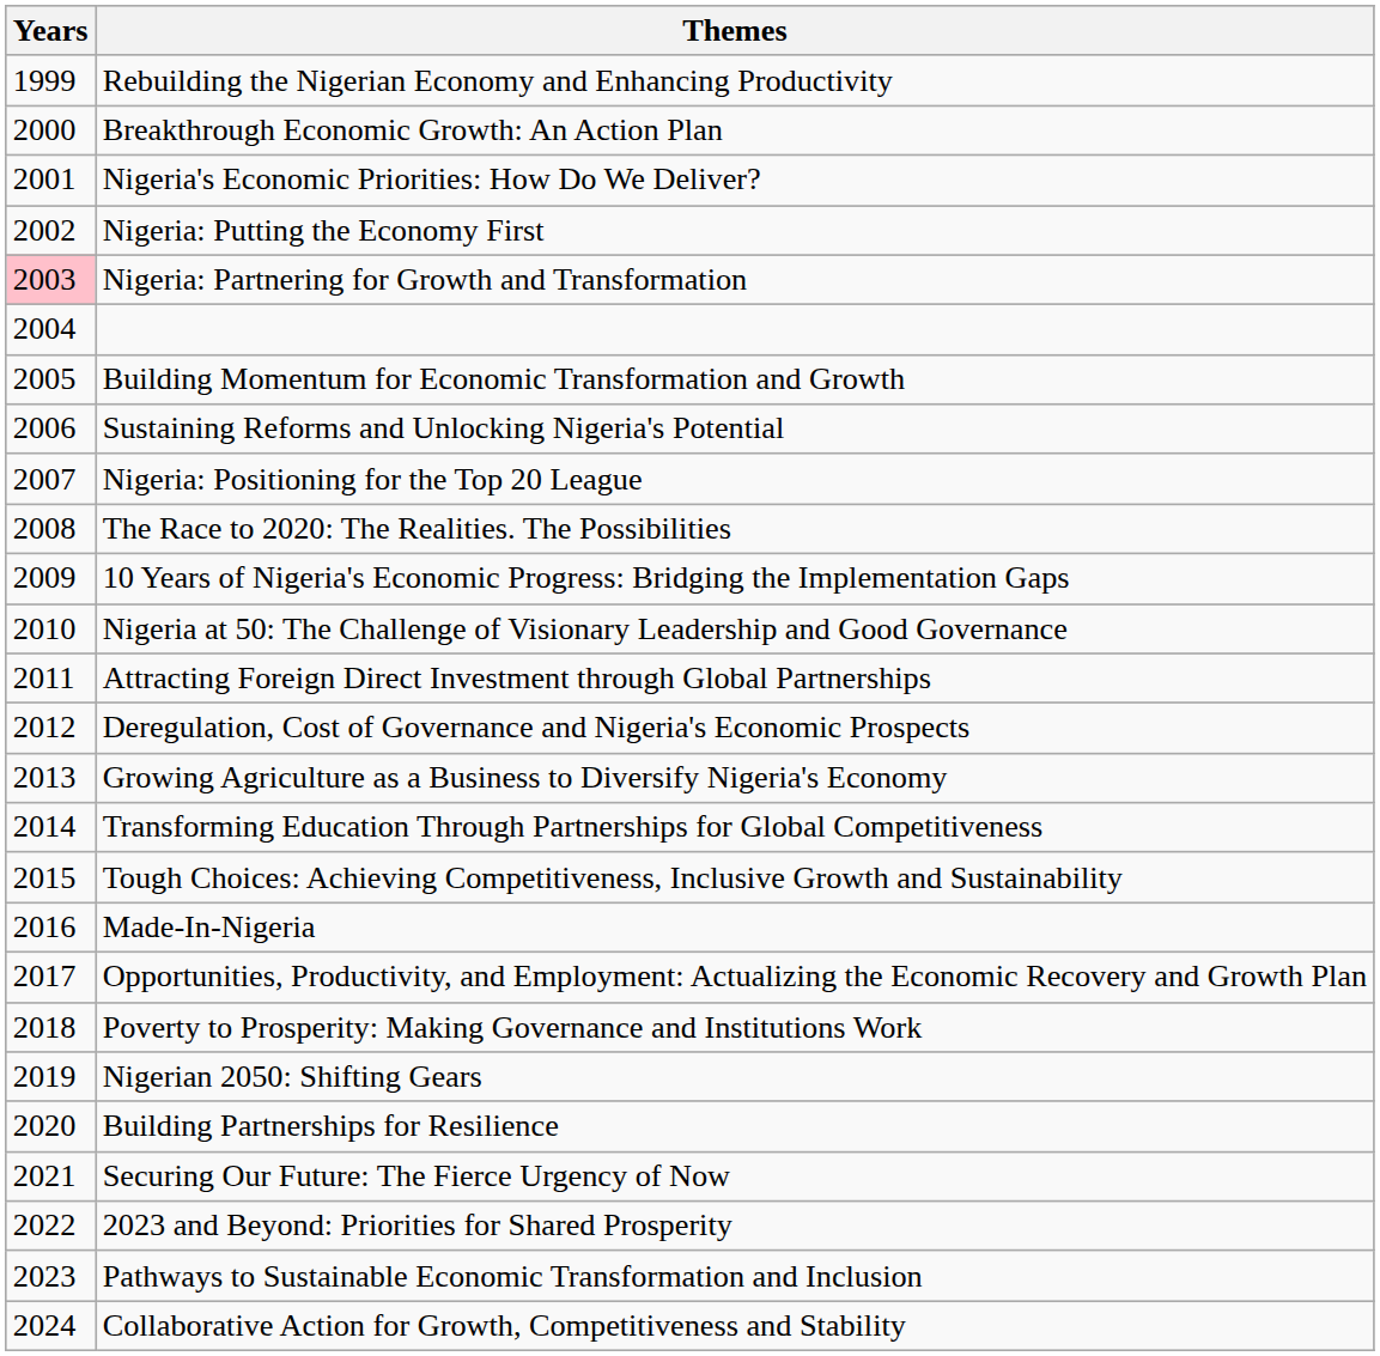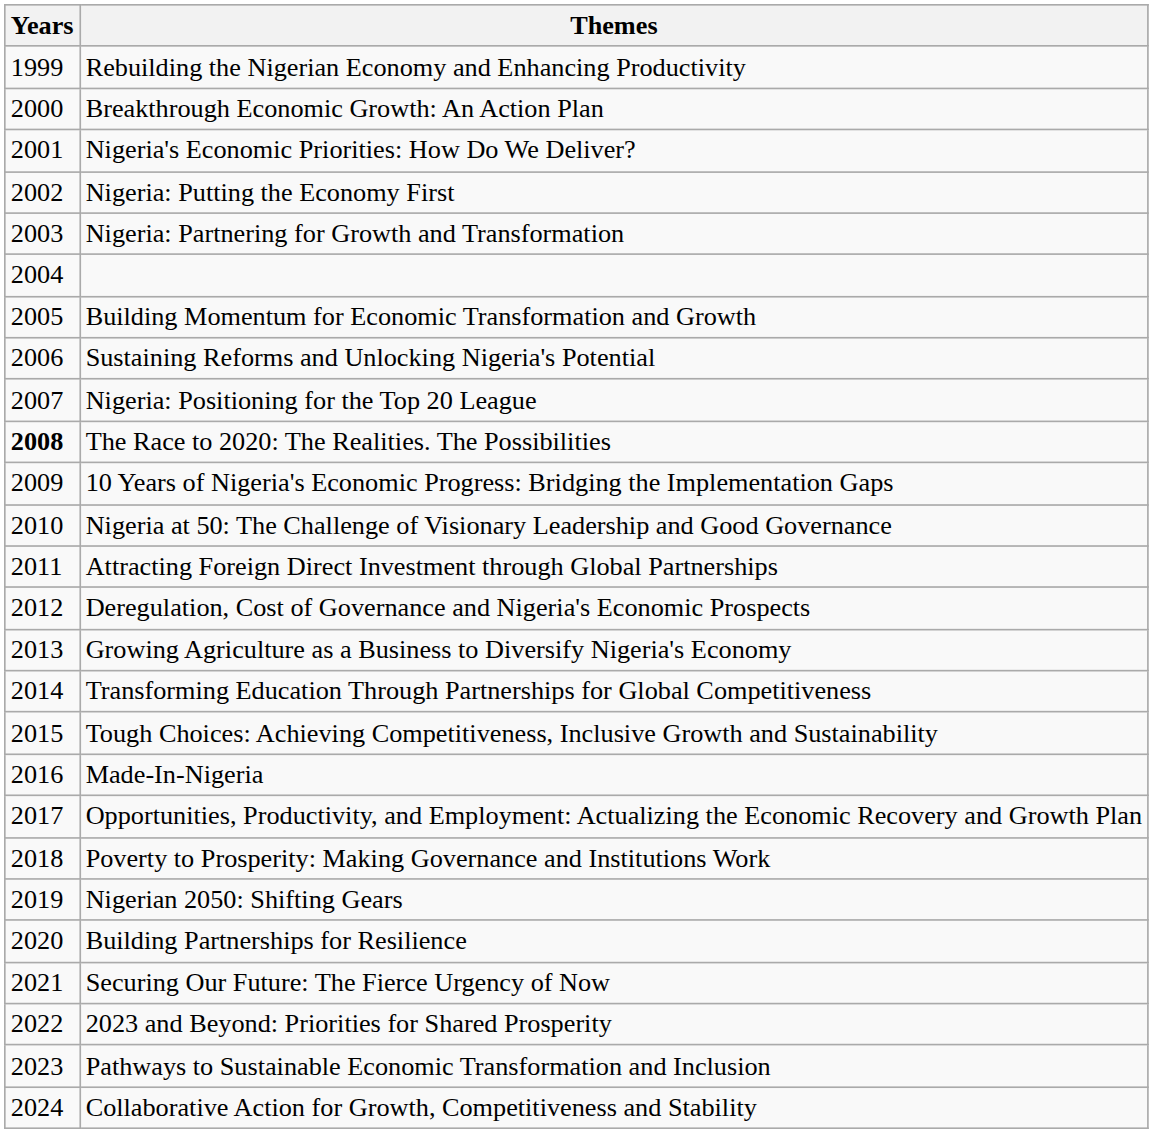 <table class="wikitable">
 <tr>
 <th>Years</th>
 <th>Themes</th>
 </tr>
 <tr>
 <td>1999</td>
 <td>Rebuilding the Nigerian Economy and Enhancing Productivity</td>
 </tr>
 <tr>
 <td>2000</td>
 <td>Breakthrough Economic Growth: An Action Plan</td>
 </tr>
 <tr>
 <td>2001</td>
 <td>Nigeria's Economic Priorities: How Do We Deliver?</td>
 </tr>
 <tr>
 <td>2002</td>
 <td>Nigeria: Putting the Economy First</td>
 </tr>
 <tr>
-<td style="background: pink;">2003</td>
+<td>2003</td>
 <td>Nigeria: Partnering for Growth and Transformation</td>
 </tr>
 <tr>
 <td>2004</td>
 <td></td>
 </tr>
 <tr>
 <td>2005</td>
 <td>Building Momentum for Economic Transformation and Growth</td>
 </tr>
 <tr>
 <td>2006</td>
 <td>Sustaining Reforms and Unlocking Nigeria's Potential</td>
 </tr>
 <tr>
 <td>2007</td>
 <td>Nigeria: Positioning for the Top 20 League</td>
 </tr>
 <tr>
-<td>2008</td>
+<td><strong>2008</strong></td>
 <td>The Race to 2020: The Realities. The Possibilities</td>
 </tr>
 <tr>
 <td>2009</td>
 <td>10 Years of Nigeria's Economic Progress: Bridging the Implementation Gaps</td>
 </tr>
 <tr>
 <td>2010</td>
 <td>Nigeria at 50: The Challenge of Visionary Leadership and Good Governance</td>
 </tr>
 <tr>
 <td>2011</td>
 <td>Attracting Foreign Direct Investment through Global Partnerships</td>
 </tr>
 <tr>
 <td>2012</td>
 <td>Deregulation, Cost of Governance and Nigeria's Economic Prospects</td>
 </tr>
 <tr>
 <td>2013</td>
 <td>Growing Agriculture as a Business to Diversify Nigeria's Economy</td>
 </tr>
 <tr>
 <td>2014</td>
 <td>Transforming Education Through Partnerships for Global Competitiveness</td>
 </tr>
 <tr>
 <td>2015</td>
 <td>Tough Choices: Achieving Competitiveness, Inclusive Growth and Sustainability</td>
 </tr>
 <tr>
 <td>2016</td>
 <td>Made-In-Nigeria</td>
 </tr>
 <tr>
 <td>2017</td>
 <td>Opportunities, Productivity, and Employment: Actualizing the Economic Recovery and Growth Plan</td>
 </tr>
 <tr>
 <td>2018</td>
 <td>Poverty to Prosperity: Making Governance and Institutions Work</td>
 </tr>
 <tr>
 <td>2019</td>
 <td>Nigerian 2050: Shifting Gears</td>
 </tr>
 <tr>
 <td>2020</td>
 <td>Building Partnerships for Resilience</td>
 </tr>
 <tr>
 <td>2021</td>
 <td>Securing Our Future: The Fierce Urgency of Now</td>
 </tr>
 <tr>
 <td>2022</td>
 <td>2023 and Beyond: Priorities for Shared Prosperity</td>
 </tr>
 <tr>
 <td>2023</td>
 <td>Pathways to Sustainable Economic Transformation and Inclusion</td>
 </tr>
 <tr>
 <td>2024</td>
 <td>Collaborative Action for Growth, Competitiveness and Stability</td>
 </tr>
 </table>
